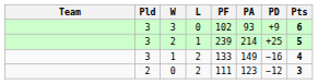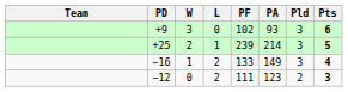 <table class=wikitable style="text-align:center">
 <tr>
 <th width=180>Team</th>
-<th width=30>Pld</th>
+<th width=30>PD</th>
 <th width=30>W</th>
 <th width=30>L</th>
 <th width=30>PF</th>
 <th width=30>PA</th>
-<th width=30>PD</th>
+<th width=30>Pld</th>
 <th width=30>Pts</th>
 </tr>
 <tr align=center bgcolor="#ccffcc">
 <td align=left></td>
-<td>3</td>
+<td>+9</td>
 <td>3</td>
 <td>0</td>
 <td>102</td>
 <td>93</td>
-<td>+9</td>
+<td>3</td>
 <td><strong>6</strong></td>
 </tr>
 <tr align=center bgcolor="#ccffcc">
 <td align=left></td>
-<td>3</td>
+<td>+25</td>
 <td>2</td>
 <td>1</td>
 <td>239</td>
 <td>214</td>
-<td>+25</td>
+<td>3</td>
 <td><strong>5</strong></td>
 </tr>
 <tr align=center>
 <td align=left></td>
-<td>3</td>
+<td>−16</td>
 <td>1</td>
 <td>2</td>
 <td>133</td>
 <td>149</td>
-<td>−16</td>
+<td>3</td>
 <td><strong>4</strong></td>
 </tr>
 <tr align=center>
 <td align=left></td>
-<td>2</td>
+<td>−12</td>
 <td>0</td>
 <td>2</td>
 <td>111</td>
 <td>123</td>
-<td>−12</td>
+<td>2</td>
 <td><strong>3</strong></td>
 </tr>
 </table>
